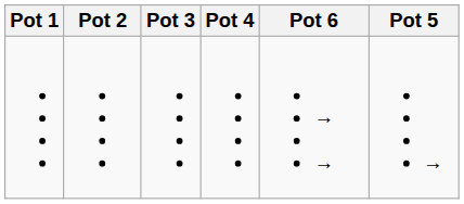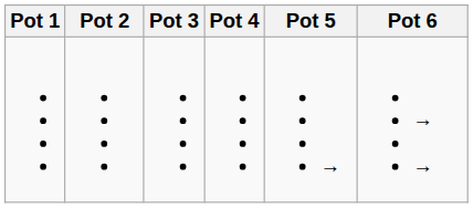 <table class="wikitable">
 <tr>
 <th width=13%>Pot 1</th>
 <th width=17%>Pot 2</th>
 <th width=13%>Pot 3</th>
 <th width=13%>Pot 4</th>
+<th width=20%>Pot 5</th>
 <th width=24%>Pot 6</th>
-<th width=20%>Pot 5</th>
 </tr>
 <tr style="vertical-align: top;">
 <td><br><ul><li></li><li></li><li></li><li></li></ul></td>
 <td><br><ul><li></li><li></li><li></li><li></li></ul></td>
 <td><br><ul><li></li><li></li><li></li><li></li></ul></td>
 <td><br><ul><li></li><li></li><li></li><li></li></ul></td>
+<td><br><ul><li></li><li></li><li></li><li><s></s> → </li></ul></td>
 <td><br><ul><li></li><li><s></s> → </li><li></li><li><s></s> → </li></ul></td>
-<td><br><ul><li></li><li></li><li></li><li><s></s> → </li></ul></td>
 </tr>
 </table>
